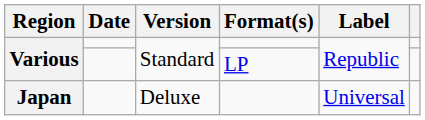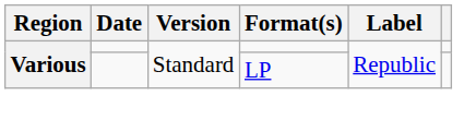 <table class="wikitable plainrowheaders">
 <tr>
 <th scope="col">Region</th>
 <th scope="col">Date</th>
 <th scope="col">Version</th>
 <th scope="col">Format(s)</th>
 <th scope="col">Label</th>
 <th scope="col"></th>
 </tr>
 <tr>
 <th scope="row" rowspan="2">Various</th>
 <td></td>
 <td rowspan="2">Standard</td>
 <td></td>
 <td rowspan="2"><a href='#'>Republic</a></td>
 <td></td>
 </tr>
 <tr>
 <td></td>
 <td><a href='#'>LP</a></td>
 <td></td>
 </tr>
-<tr>
-<th scope="row">Japan</th>
-<td></td>
-<td>Deluxe</td>
-<td></td>
-<td><a href='#'>Universal</a></td>
-<td></td>
-</tr>
 </table>
